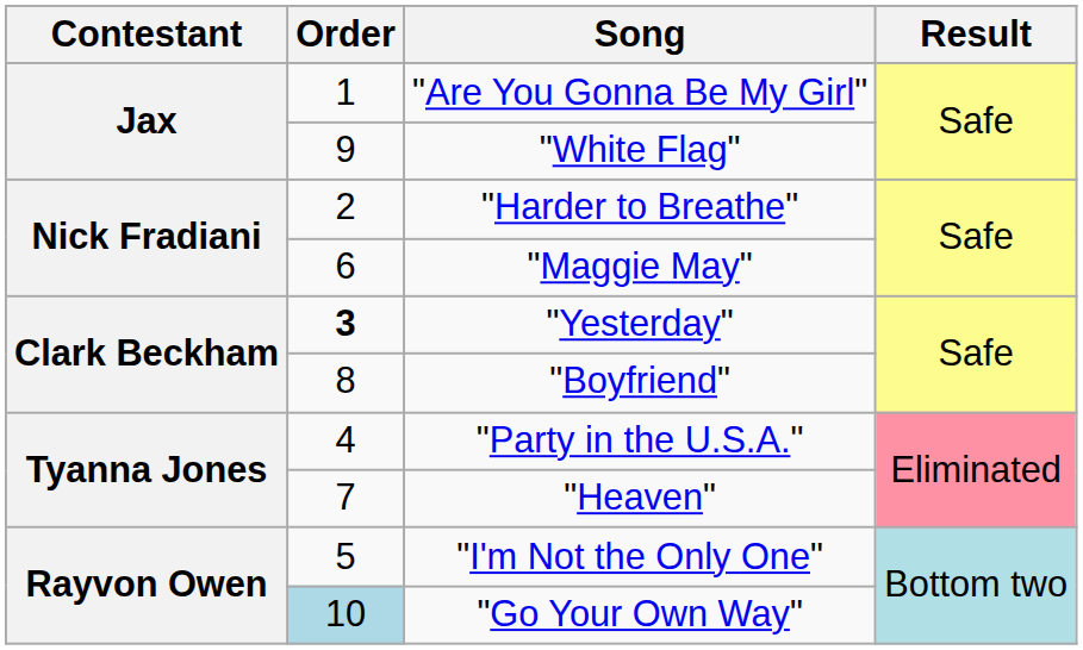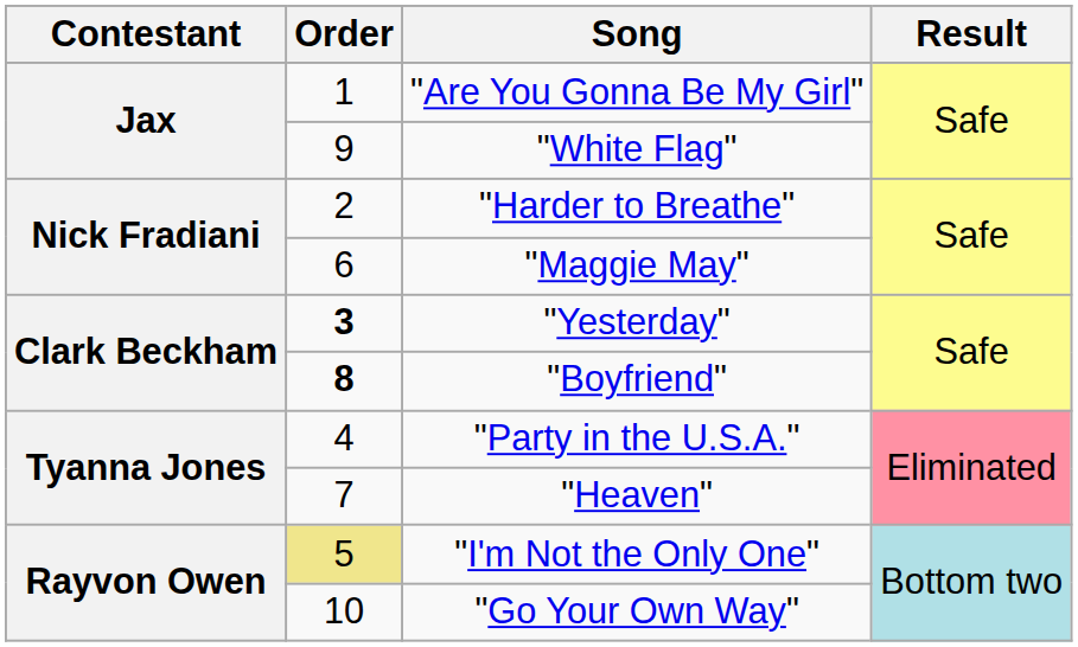 <table class="wikitable unsortable" style="text-align:center;">
 <tr>
 <th scope="col">Contestant</th>
 <th scope="col">Order</th>
 <th scope="col">Song</th>
 <th scope="col">Result</th>
 </tr>
 <tr>
 <th scope="row" rowspan="2">Jax</th>
 <td>1</td>
 <td>"<a href='#'>Are You Gonna Be My Girl</a>"</td>
 <td rowspan="2" style="background:#FDFC8F">Safe</td>
 </tr>
 <tr>
 <td>9</td>
 <td>"<a href='#'>White Flag</a>"</td>
 </tr>
 <tr>
 <th scope="row" rowspan="2">Nick Fradiani</th>
 <td>2</td>
 <td>"<a href='#'>Harder to Breathe</a>"</td>
 <td rowspan="2" style="background:#FDFC8F">Safe</td>
 </tr>
 <tr>
 <td>6</td>
 <td>"<a href='#'>Maggie May</a>"</td>
 </tr>
 <tr>
 <th scope="row" rowspan="2">Clark Beckham</th>
 <td><strong>3</strong></td>
 <td>"<a href='#'>Yesterday</a>"</td>
 <td rowspan="2" style="background:#FDFC8F">Safe</td>
 </tr>
 <tr>
-<td>8</td>
+<td><strong>8</strong></td>
 <td>"<a href='#'>Boyfriend</a>"</td>
 </tr>
 <tr>
 <th scope="row" rowspan="2">Tyanna Jones</th>
 <td>4</td>
 <td>"<a href='#'>Party in the U.S.A.</a>"</td>
 <td rowspan="2" bgcolor="FF91A4">Eliminated</td>
 </tr>
 <tr>
 <td>7</td>
 <td>"<a href='#'>Heaven</a>"</td>
 </tr>
 <tr>
 <th scope="row" rowspan="2">Rayvon Owen</th>
-<td>5</td>
+<td style="background: khaki;">5</td>
 <td>"<a href='#'>I'm Not the Only One</a>"</td>
 <td rowspan="2" style="background:#B0E0E6;">Bottom two</td>
 </tr>
 <tr>
-<td style="background: lightblue;">10</td>
+<td>10</td>
 <td>"<a href='#'>Go Your Own Way</a>"</td>
 </tr>
 </table>
